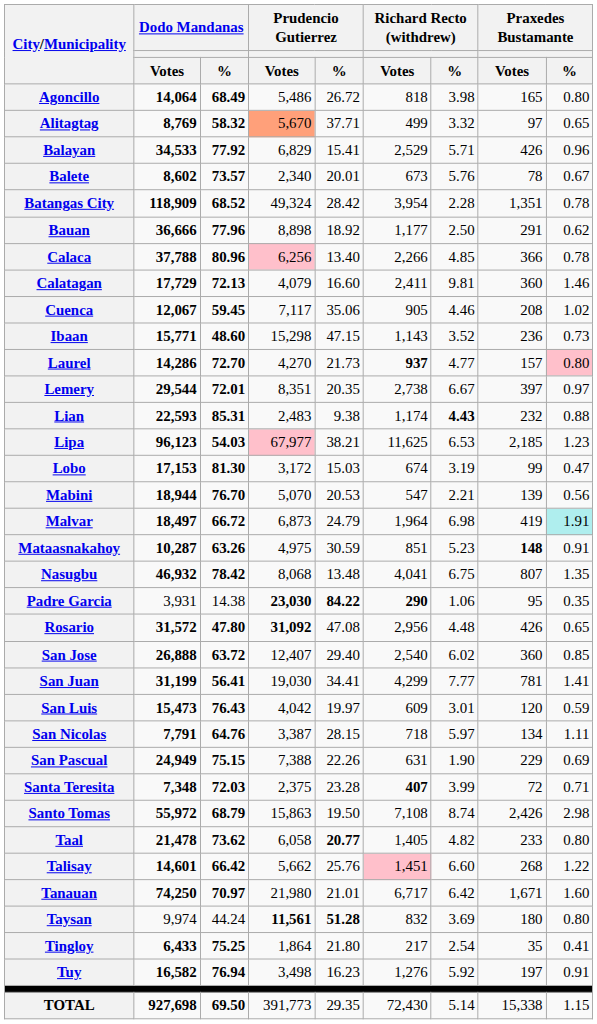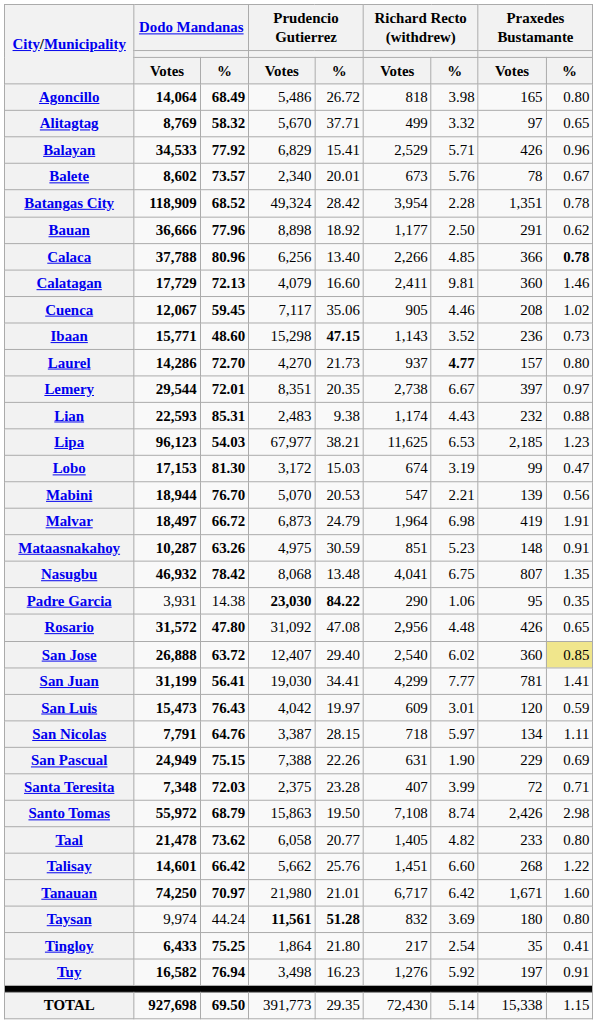 <table class="wikitable collapsible collapsed" style="text-align:right; font-size:95%; line-height:20px;">
 <tr>
 <th width="125" rowspan="3"><a href='#'>City</a>/<a href='#'>Municipality</a></th>
 <th width="110" colspan="2"><a href='#'>Dodo Mandanas</a></th>
 <th width="110" colspan="2">Prudencio Gutierrez</th>
 <th width="110" colspan="2">Richard Recto<br>(withdrew)</th>
 <th width="110" colspan="2">Praxedes Bustamante</th>
 </tr>
 <tr>
 <th colspan="2" style="background:"></th>
 <th colspan="2" style="background:"></th>
 <th colspan="2" style="background:"></th>
 <th colspan="2" style="background:"></th>
 </tr>
 <tr>
 <th>Votes</th>
 <th>%</th>
 <th>Votes</th>
 <th>%</th>
 <th>Votes</th>
 <th>%</th>
 <th>Votes</th>
 <th>%</th>
 </tr>
 <tr>
 <th scope="row"><a href='#'>Agoncillo</a></th>
 <td style="background:"><strong>14,064</strong></td>
 <td style="background:"><strong>68.49</strong></td>
 <td>5,486</td>
 <td>26.72</td>
 <td>818</td>
 <td>3.98</td>
 <td>165</td>
 <td>0.80</td>
 </tr>
 <tr>
 <th scope="row"><a href='#'>Alitagtag</a></th>
 <td style="background:"><strong>8,769</strong></td>
 <td style="background:"><strong>58.32</strong></td>
-<td style="background: lightsalmon;">5,670</td>
+<td>5,670</td>
 <td>37.71</td>
 <td>499</td>
 <td>3.32</td>
 <td>97</td>
 <td>0.65</td>
 </tr>
 <tr>
 <th scope="row"><a href='#'>Balayan</a></th>
 <td style="background:"><strong>34,533</strong></td>
 <td style="background:"><strong>77.92</strong></td>
 <td>6,829</td>
 <td>15.41</td>
 <td>2,529</td>
 <td>5.71</td>
 <td>426</td>
 <td>0.96</td>
 </tr>
 <tr>
 <th scope="row"><a href='#'>Balete</a></th>
 <td style="background:"><strong>8,602</strong></td>
 <td style="background:"><strong>73.57</strong></td>
 <td>2,340</td>
 <td>20.01</td>
 <td>673</td>
 <td>5.76</td>
 <td>78</td>
 <td>0.67</td>
 </tr>
 <tr>
 <th scope="row"><a href='#'>Batangas City</a></th>
 <td style="background:"><strong>118,909</strong></td>
 <td style="background:"><strong>68.52</strong></td>
 <td>49,324</td>
 <td>28.42</td>
 <td>3,954</td>
 <td>2.28</td>
 <td>1,351</td>
 <td>0.78</td>
 </tr>
 <tr>
 <th scope="row"><a href='#'>Bauan</a></th>
 <td style="background:"><strong>36,666</strong></td>
 <td style="background:"><strong>77.96</strong></td>
 <td>8,898</td>
 <td>18.92</td>
 <td>1,177</td>
 <td>2.50</td>
 <td>291</td>
 <td>0.62</td>
 </tr>
 <tr>
 <th scope="row"><a href='#'>Calaca</a></th>
 <td style="background:"><strong>37,788</strong></td>
 <td style="background:"><strong>80.96</strong></td>
-<td style="background: pink;">6,256</td>
+<td>6,256</td>
 <td>13.40</td>
 <td>2,266</td>
 <td>4.85</td>
 <td>366</td>
-<td>0.78</td>
+<td><strong>0.78</strong></td>
 </tr>
 <tr>
 <th scope="row"><a href='#'>Calatagan</a></th>
 <td style="background:"><strong>17,729</strong></td>
 <td style="background:"><strong>72.13</strong></td>
 <td>4,079</td>
 <td>16.60</td>
 <td>2,411</td>
 <td>9.81</td>
 <td>360</td>
 <td>1.46</td>
 </tr>
 <tr>
 <th scope="row"><a href='#'>Cuenca</a></th>
 <td style="background:"><strong>12,067</strong></td>
 <td style="background:"><strong>59.45</strong></td>
 <td>7,117</td>
 <td>35.06</td>
 <td>905</td>
 <td>4.46</td>
 <td>208</td>
 <td>1.02</td>
 </tr>
 <tr>
 <th scope="row"><a href='#'>Ibaan</a></th>
 <td style="background:"><strong>15,771</strong></td>
 <td style="background:"><strong>48.60</strong></td>
 <td>15,298</td>
-<td>47.15</td>
+<td><strong>47.15</strong></td>
 <td>1,143</td>
 <td>3.52</td>
 <td>236</td>
 <td>0.73</td>
 </tr>
 <tr>
 <th scope="row"><a href='#'>Laurel</a></th>
 <td style="background:"><strong>14,286</strong></td>
 <td style="background:"><strong>72.70</strong></td>
 <td>4,270</td>
 <td>21.73</td>
-<td><strong>937</strong></td>
-<td>4.77</td>
+<td>937</td>
+<td><strong>4.77</strong></td>
 <td>157</td>
-<td style="background: pink;">0.80</td>
+<td>0.80</td>
 </tr>
 <tr>
 <th scope="row"><a href='#'>Lemery</a></th>
 <td style="background:"><strong>29,544</strong></td>
 <td style="background:"><strong>72.01</strong></td>
 <td>8,351</td>
 <td>20.35</td>
 <td>2,738</td>
 <td>6.67</td>
 <td>397</td>
 <td>0.97</td>
 </tr>
 <tr>
 <th scope="row"><a href='#'>Lian</a></th>
 <td style="background:"><strong>22,593</strong></td>
 <td style="background:"><strong>85.31</strong></td>
 <td>2,483</td>
 <td>9.38</td>
 <td>1,174</td>
-<td><strong>4.43</strong></td>
+<td>4.43</td>
 <td>232</td>
 <td>0.88</td>
 </tr>
 <tr>
 <th scope="row"><a href='#'>Lipa</a></th>
 <td style="background:"><strong>96,123</strong></td>
 <td style="background:"><strong>54.03</strong></td>
-<td style="background: pink;">67,977</td>
+<td>67,977</td>
 <td>38.21</td>
 <td>11,625</td>
 <td>6.53</td>
 <td>2,185</td>
 <td>1.23</td>
 </tr>
 <tr>
 <th scope="row"><a href='#'>Lobo</a></th>
 <td style="background:"><strong>17,153</strong></td>
 <td style="background:"><strong>81.30</strong></td>
 <td>3,172</td>
 <td>15.03</td>
 <td>674</td>
 <td>3.19</td>
 <td>99</td>
 <td>0.47</td>
 </tr>
 <tr>
 <th scope="row"><a href='#'>Mabini</a></th>
 <td style="background:"><strong>18,944</strong></td>
 <td style="background:"><strong>76.70</strong></td>
 <td>5,070</td>
 <td>20.53</td>
 <td>547</td>
 <td>2.21</td>
 <td>139</td>
 <td>0.56</td>
 </tr>
 <tr>
 <th scope="row"><a href='#'>Malvar</a></th>
 <td style="background:"><strong>18,497</strong></td>
 <td style="background:"><strong>66.72</strong></td>
 <td>6,873</td>
 <td>24.79</td>
 <td>1,964</td>
 <td>6.98</td>
 <td>419</td>
-<td style="background: paleturquoise;">1.91</td>
+<td>1.91</td>
 </tr>
 <tr>
 <th scope="row"><a href='#'>Mataasnakahoy</a></th>
 <td style="background:"><strong>10,287</strong></td>
 <td style="background:"><strong>63.26</strong></td>
 <td>4,975</td>
 <td>30.59</td>
 <td>851</td>
 <td>5.23</td>
-<td><strong>148</strong></td>
+<td>148</td>
 <td>0.91</td>
 </tr>
 <tr>
 <th scope="row"><a href='#'>Nasugbu</a></th>
 <td style="background:"><strong>46,932</strong></td>
 <td style="background:"><strong>78.42</strong></td>
 <td>8,068</td>
 <td>13.48</td>
 <td>4,041</td>
 <td>6.75</td>
 <td>807</td>
 <td>1.35</td>
 </tr>
 <tr>
 <th scope="row"><a href='#'>Padre Garcia</a></th>
 <td>3,931</td>
 <td>14.38</td>
 <td style="background:"><strong>23,030</strong></td>
 <td style="background:"><strong>84.22</strong></td>
-<td><strong>290</strong></td>
+<td>290</td>
 <td>1.06</td>
 <td>95</td>
 <td>0.35</td>
 </tr>
 <tr>
 <th scope="row"><a href='#'>Rosario</a></th>
 <td style="background:"><strong>31,572</strong></td>
 <td style="background:"><strong>47.80</strong></td>
-<td><strong>31,092</strong></td>
+<td>31,092</td>
 <td>47.08</td>
 <td>2,956</td>
 <td>4.48</td>
 <td>426</td>
 <td>0.65</td>
 </tr>
 <tr>
 <th scope="row"><a href='#'>San Jose</a></th>
 <td style="background:"><strong>26,888</strong></td>
 <td style="background:"><strong>63.72</strong></td>
 <td>12,407</td>
 <td>29.40</td>
 <td>2,540</td>
 <td>6.02</td>
 <td>360</td>
-<td>0.85</td>
+<td style="background: khaki;">0.85</td>
 </tr>
 <tr>
 <th scope="row"><a href='#'>San Juan</a></th>
 <td style="background:"><strong>31,199</strong></td>
 <td style="background:"><strong>56.41</strong></td>
 <td>19,030</td>
 <td>34.41</td>
 <td>4,299</td>
 <td>7.77</td>
 <td>781</td>
 <td>1.41</td>
 </tr>
 <tr>
 <th scope="row"><a href='#'>San Luis</a></th>
 <td style="background:"><strong>15,473</strong></td>
 <td style="background:"><strong>76.43</strong></td>
 <td>4,042</td>
 <td>19.97</td>
 <td>609</td>
 <td>3.01</td>
 <td>120</td>
 <td>0.59</td>
 </tr>
 <tr>
 <th scope="row"><a href='#'>San Nicolas</a></th>
 <td style="background:"><strong>7,791</strong></td>
 <td style="background:"><strong>64.76</strong></td>
 <td>3,387</td>
 <td>28.15</td>
 <td>718</td>
 <td>5.97</td>
 <td>134</td>
 <td>1.11</td>
 </tr>
 <tr>
 <th scope="row"><a href='#'>San Pascual</a></th>
 <td style="background:"><strong>24,949</strong></td>
 <td style="background:"><strong>75.15</strong></td>
 <td>7,388</td>
 <td>22.26</td>
 <td>631</td>
 <td>1.90</td>
 <td>229</td>
 <td>0.69</td>
 </tr>
 <tr>
 <th scope="row"><a href='#'>Santa Teresita</a></th>
 <td style="background:"><strong>7,348</strong></td>
 <td style="background:"><strong>72.03</strong></td>
 <td>2,375</td>
 <td>23.28</td>
-<td><strong>407</strong></td>
+<td>407</td>
 <td>3.99</td>
 <td>72</td>
 <td>0.71</td>
 </tr>
 <tr>
 <th scope="row"><a href='#'>Santo Tomas</a></th>
 <td style="background:"><strong>55,972</strong></td>
 <td style="background:"><strong>68.79</strong></td>
 <td>15,863</td>
 <td>19.50</td>
 <td>7,108</td>
 <td>8.74</td>
 <td>2,426</td>
 <td>2.98</td>
 </tr>
 <tr>
 <th scope="row"><a href='#'>Taal</a></th>
 <td style="background:"><strong>21,478</strong></td>
 <td style="background:"><strong>73.62</strong></td>
 <td>6,058</td>
-<td><strong>20.77</strong></td>
+<td>20.77</td>
 <td>1,405</td>
 <td>4.82</td>
 <td>233</td>
 <td>0.80</td>
 </tr>
 <tr>
 <th scope="row"><a href='#'>Talisay</a></th>
 <td style="background:"><strong>14,601</strong></td>
 <td style="background:"><strong>66.42</strong></td>
 <td>5,662</td>
 <td>25.76</td>
-<td style="background: pink;">1,451</td>
+<td>1,451</td>
 <td>6.60</td>
 <td>268</td>
 <td>1.22</td>
 </tr>
 <tr>
 <th scope="row"><a href='#'>Tanauan</a></th>
 <td style="background:"><strong>74,250</strong></td>
 <td style="background:"><strong>70.97</strong></td>
 <td>21,980</td>
 <td>21.01</td>
 <td>6,717</td>
 <td>6.42</td>
 <td>1,671</td>
 <td>1.60</td>
 </tr>
 <tr>
 <th scope="row"><a href='#'>Taysan</a></th>
 <td>9,974</td>
 <td>44.24</td>
 <td style="background:"><strong>11,561</strong></td>
 <td style="background:"><strong>51.28</strong></td>
 <td>832</td>
 <td>3.69</td>
 <td>180</td>
 <td>0.80</td>
 </tr>
 <tr>
 <th scope="row"><a href='#'>Tingloy</a></th>
 <td style="background:"><strong>6,433</strong></td>
 <td style="background:"><strong>75.25</strong></td>
 <td>1,864</td>
 <td>21.80</td>
 <td>217</td>
 <td>2.54</td>
 <td>35</td>
 <td>0.41</td>
 </tr>
 <tr>
 <th scope="row"><a href='#'>Tuy</a></th>
 <td style="background:"><strong>16,582</strong></td>
 <td style="background:"><strong>76.94</strong></td>
 <td>3,498</td>
 <td>16.23</td>
 <td>1,276</td>
 <td>5.92</td>
 <td>197</td>
 <td>0.91</td>
 </tr>
 <tr>
 <td colspan=9 bgcolor=black></td>
 </tr>
 <tr>
 <th scope="row">TOTAL</th>
 <td style="background:"><strong>927,698</strong></td>
 <td style="background:"><strong>69.50</strong></td>
 <td>391,773</td>
 <td>29.35</td>
 <td>72,430</td>
 <td>5.14</td>
 <td>15,338</td>
 <td>1.15</td>
 </tr>
 </table>
